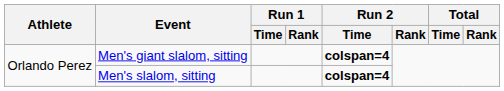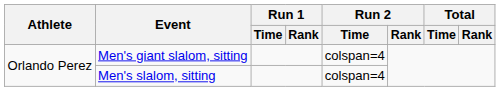 <table class=wikitable style=font-size:90%;text-align:center>
 <tr>
 <th rowspan=2>Athlete</th>
 <th rowspan=2>Event</th>
 <th colspan=2>Run 1</th>
 <th colspan=2>Run 2</th>
 <th colspan=2>Total</th>
 </tr>
 <tr style="font-size: 95%">
 <th>Time</th>
 <th>Rank</th>
 <th>Time</th>
 <th>Rank</th>
 <th>Time</th>
 <th>Rank</th>
 </tr>
 <tr>
 <td rowspan=2 align=left>Orlando Perez</td>
 <td align=left><a href='#'>Men's giant slalom, sitting</a></td>
 <td colspan=2 align="center"></td>
-<td><strong>colspan=4 </strong></td>
+<td>colspan=4 </td>
 </tr>
 <tr>
 <td align=left><a href='#'>Men's slalom, sitting</a></td>
 <td colspan=2 align="center"></td>
-<td><strong>colspan=4 </strong></td>
+<td>colspan=4 </td>
 </tr>
 </table>
